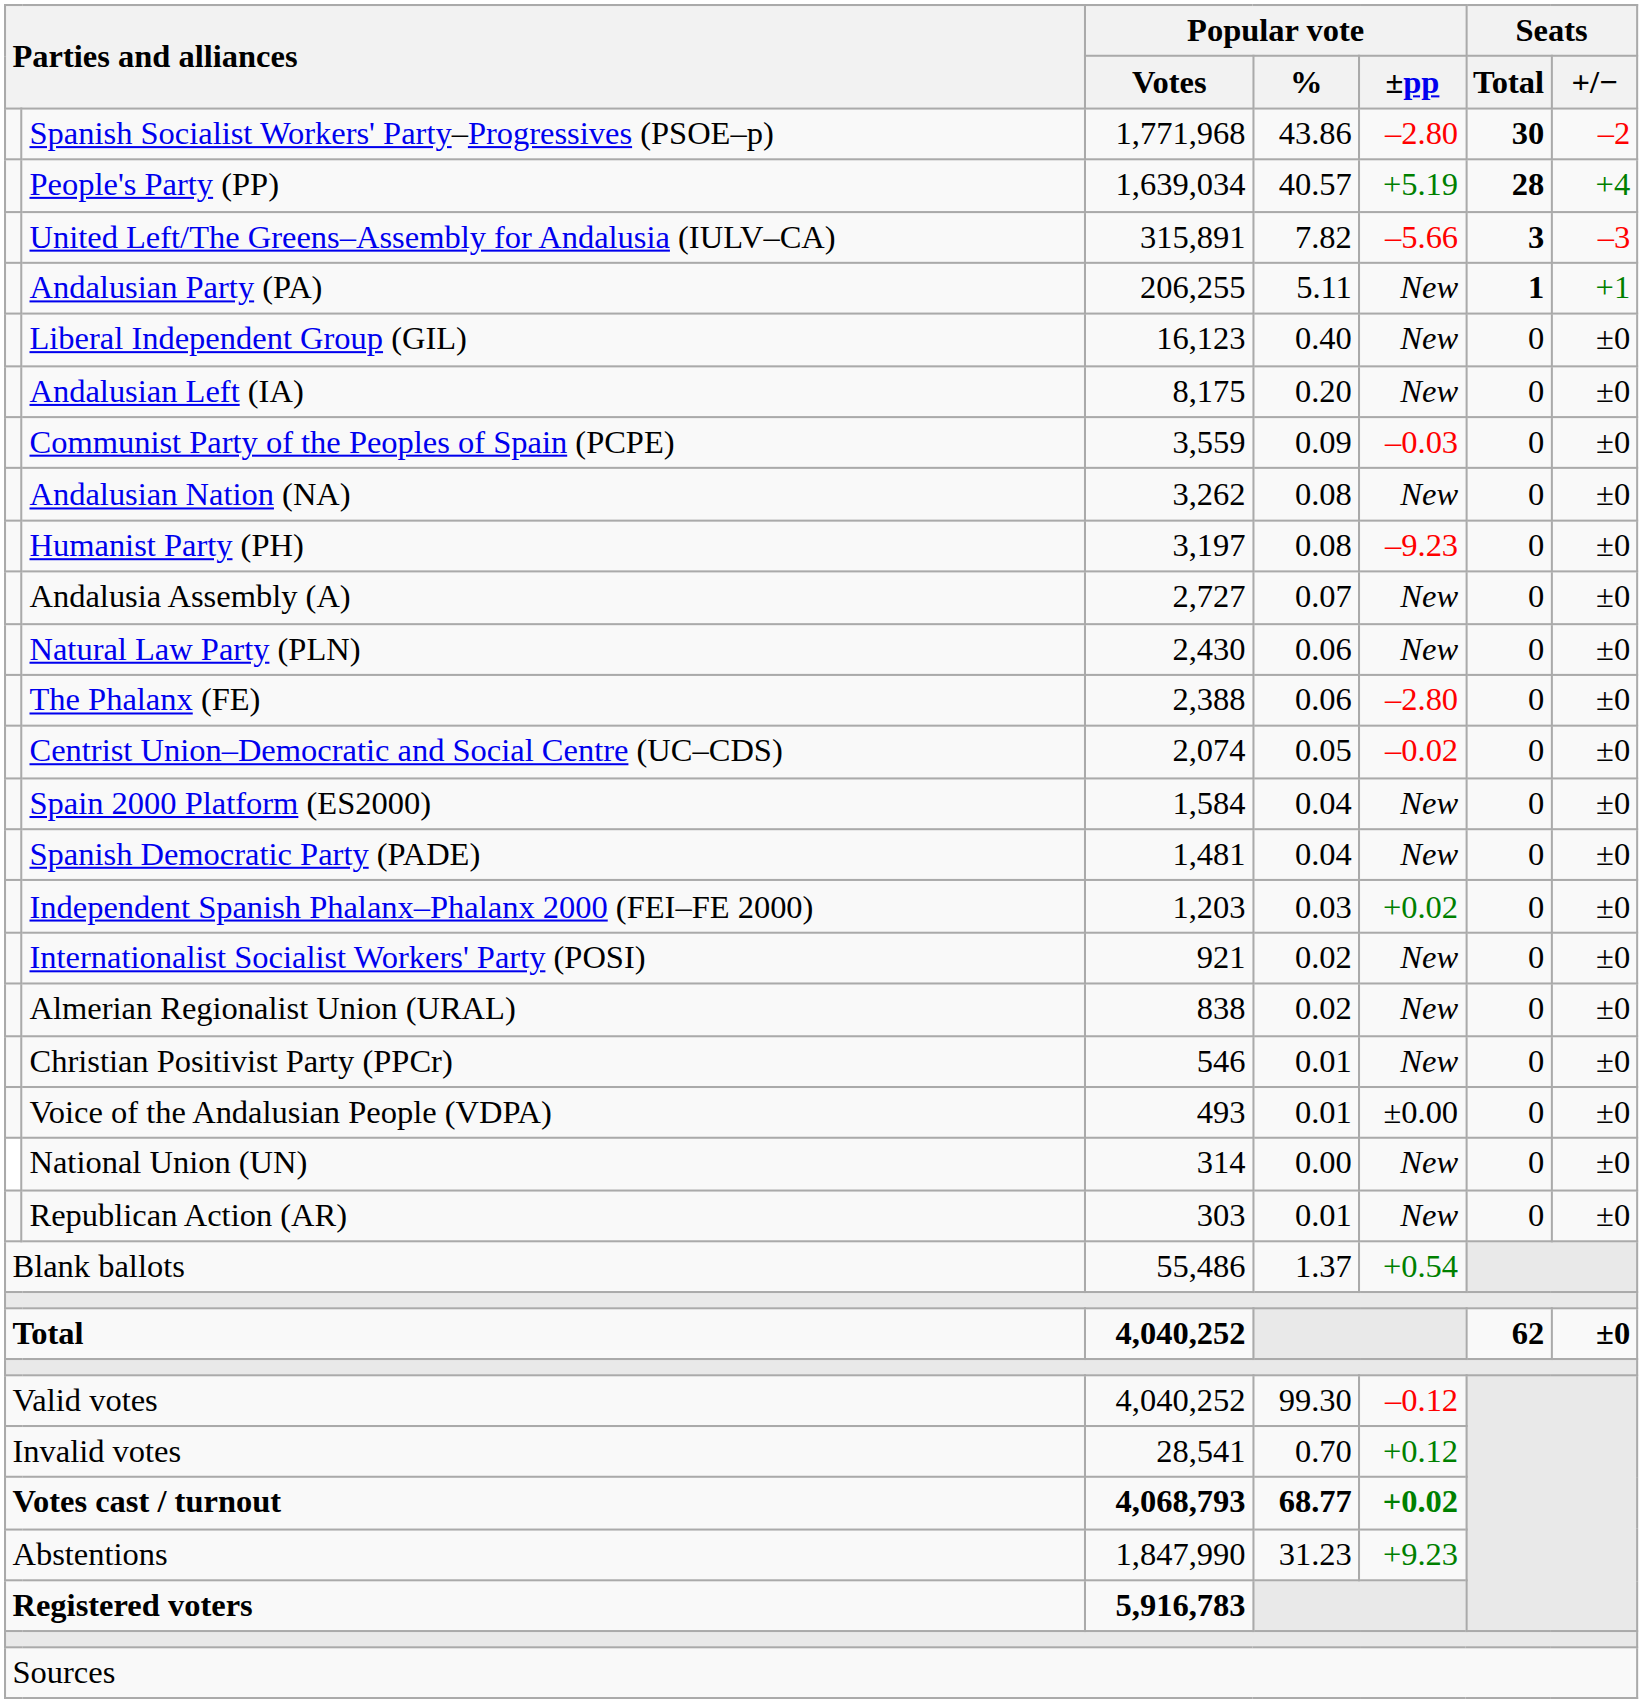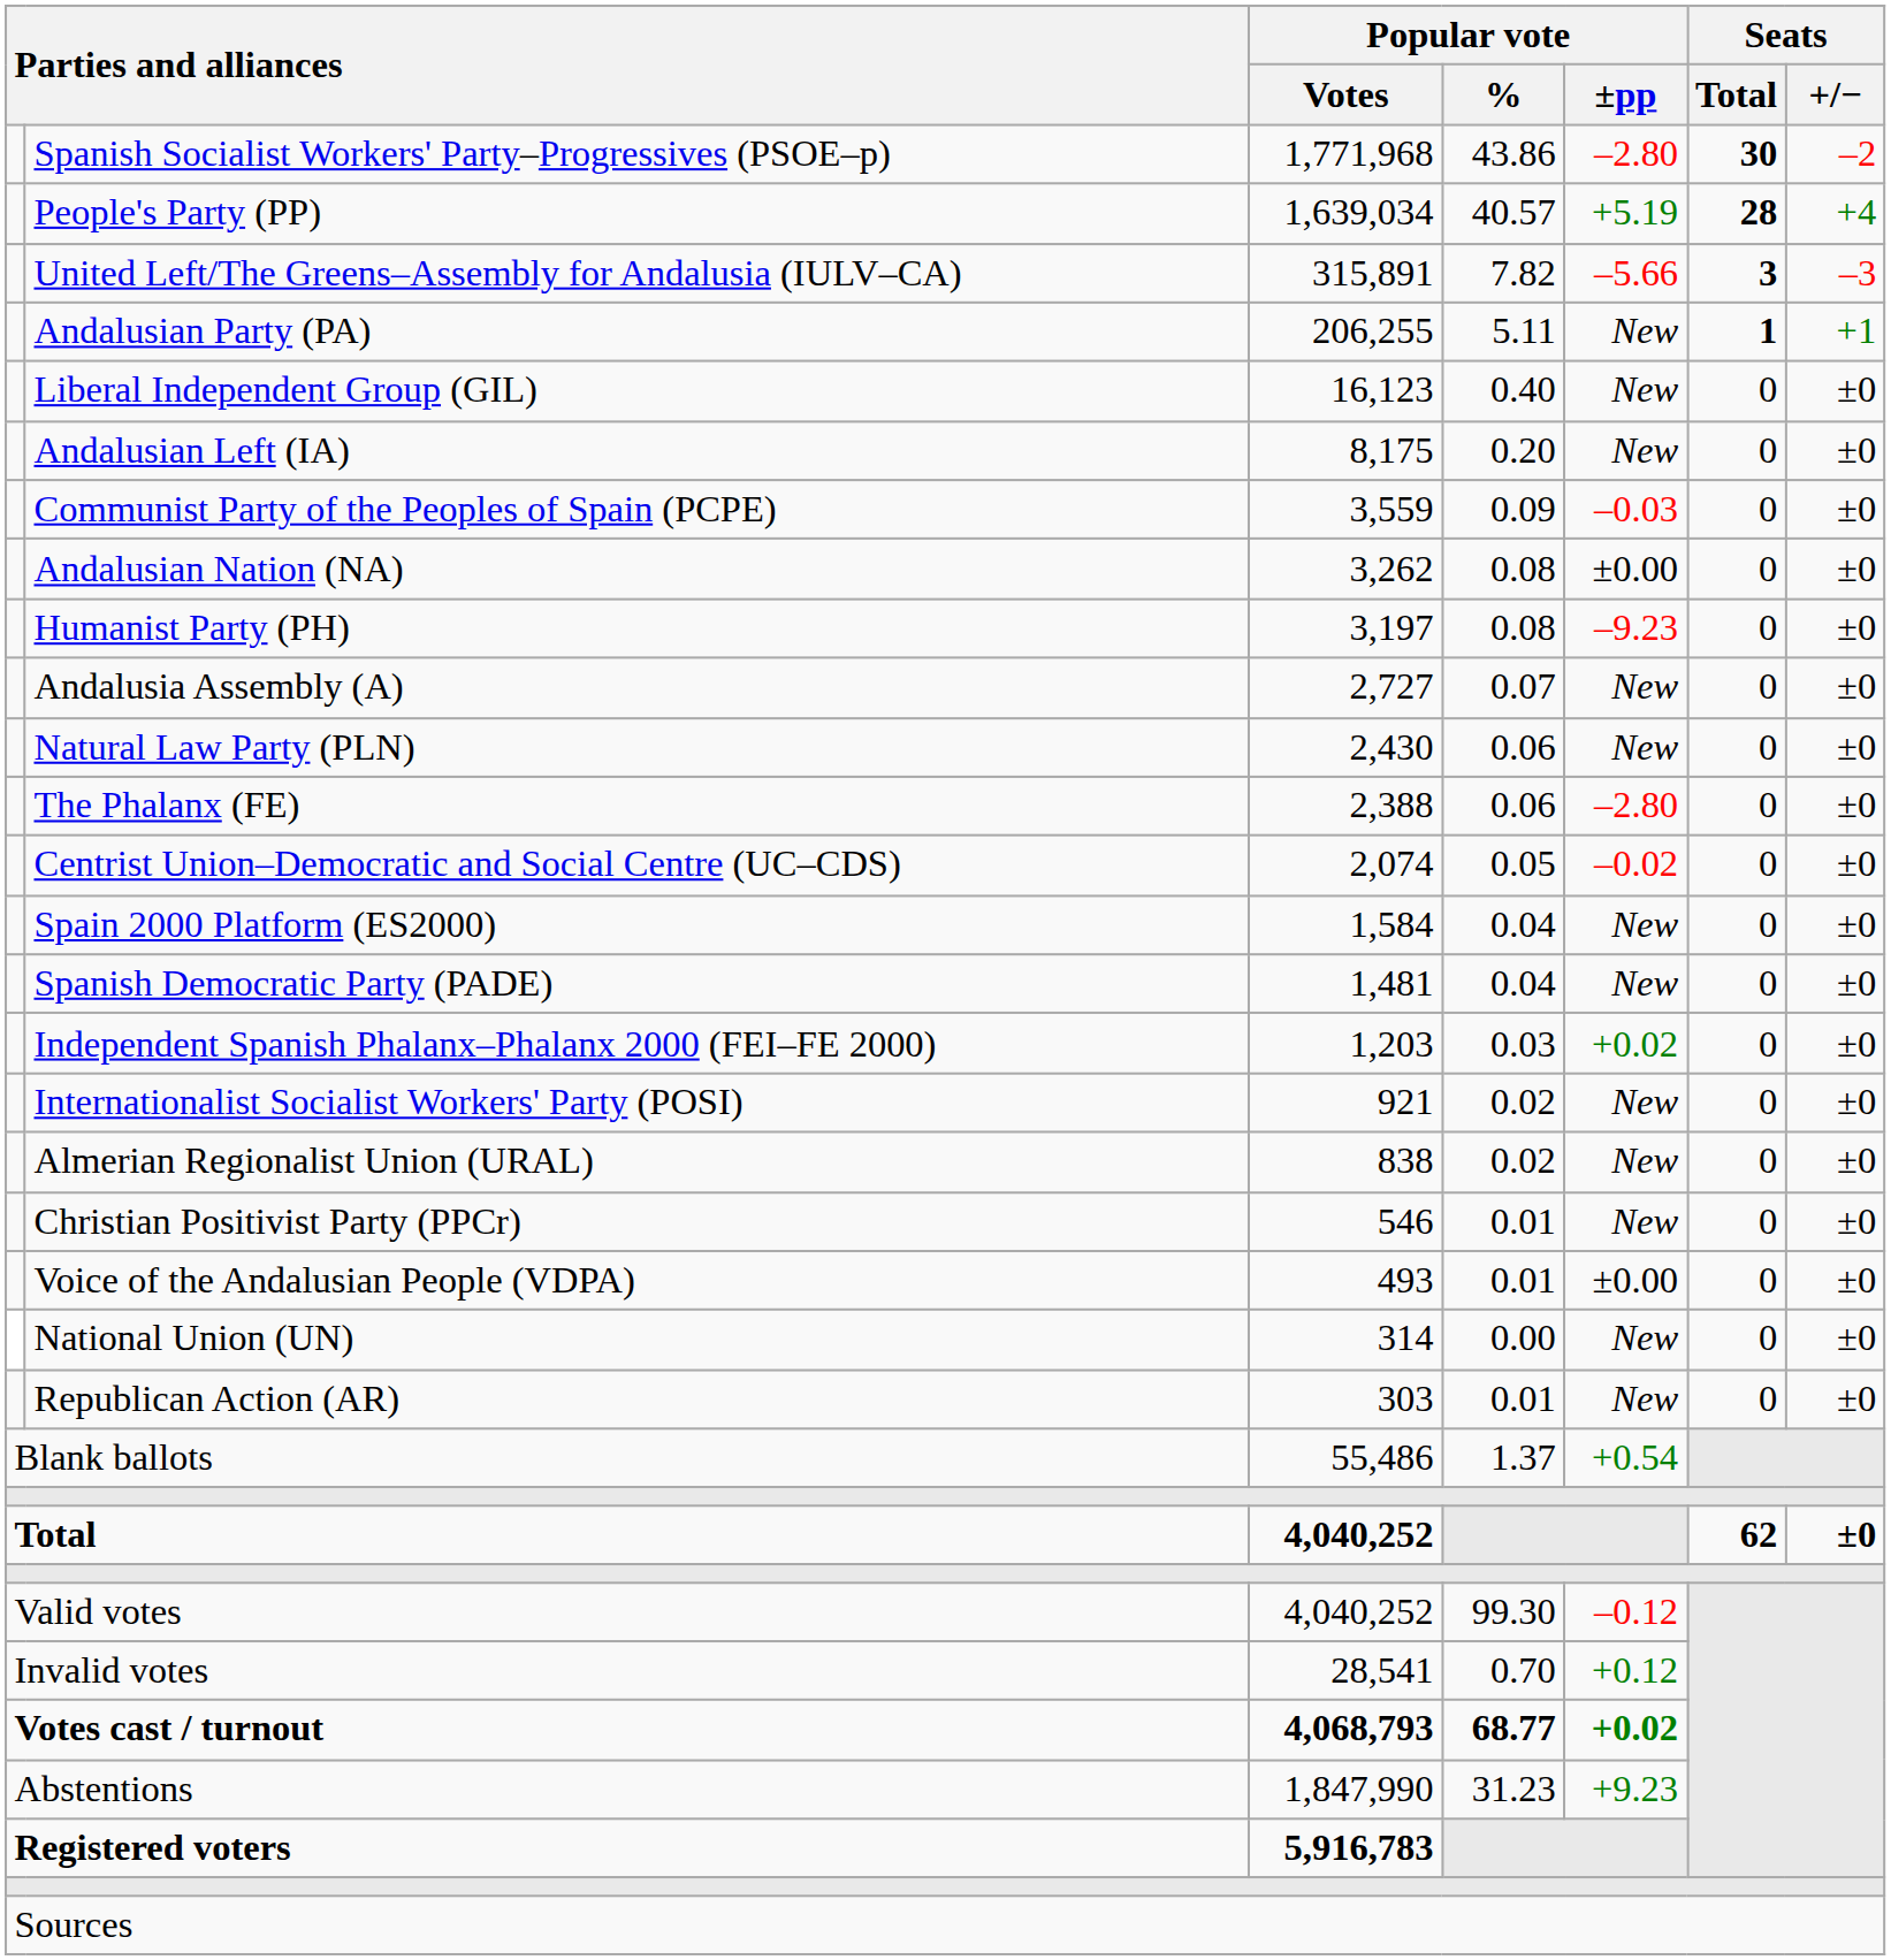 <table class="wikitable" style="text-align:right;">
 <tr>
 <th style="text-align:left;" rowspan="2" colspan="2" width="525">Parties and alliances</th>
 <th colspan="3">Popular vote</th>
 <th colspan="2">Seats</th>
 </tr>
 <tr>
 <th width="75">Votes</th>
 <th width="45">%</th>
 <th width="45">±<a href='#'>pp</a></th>
 <th width="35">Total</th>
 <th width="35">+/−</th>
 </tr>
 <tr>
 <td width="1" style="color:inherit;background:"></td>
 <td align="left"><a href='#'>Spanish Socialist Workers' Party</a>–<a href='#'>Progressives</a> (PSOE–p)</td>
 <td>1,771,968</td>
 <td>43.86</td>
 <td style="color:red;">–2.80</td>
 <td><strong>30</strong></td>
 <td style="color:red;">–2</td>
 </tr>
 <tr>
 <td style="color:inherit;background:"></td>
 <td align="left"><a href='#'>People's Party</a> (PP)</td>
 <td>1,639,034</td>
 <td>40.57</td>
 <td style="color:green;">+5.19</td>
 <td><strong>28</strong></td>
 <td style="color:green;">+4</td>
 </tr>
 <tr>
 <td style="color:inherit;background:"></td>
 <td align="left"><a href='#'>United Left/The Greens–Assembly for Andalusia</a> (IULV–CA)</td>
 <td>315,891</td>
 <td>7.82</td>
 <td style="color:red;">–5.66</td>
 <td><strong>3</strong></td>
 <td style="color:red;">–3</td>
 </tr>
 <tr>
 <td style="color:inherit;background:"></td>
 <td align="left"><a href='#'>Andalusian Party</a> (PA)</td>
 <td>206,255</td>
 <td>5.11</td>
 <td><em>New</em></td>
 <td><strong>1</strong></td>
 <td style="color:green;">+1</td>
 </tr>
 <tr>
 <td style="color:inherit;background:"></td>
 <td align="left"><a href='#'>Liberal Independent Group</a> (GIL)</td>
 <td>16,123</td>
 <td>0.40</td>
 <td><em>New</em></td>
 <td>0</td>
 <td>±0</td>
 </tr>
 <tr>
 <td style="color:inherit;background:"></td>
 <td align="left"><a href='#'>Andalusian Left</a> (IA)</td>
 <td>8,175</td>
 <td>0.20</td>
 <td><em>New</em></td>
 <td>0</td>
 <td>±0</td>
 </tr>
 <tr>
 <td style="color:inherit;background:"></td>
 <td align="left"><a href='#'>Communist Party of the Peoples of Spain</a> (PCPE)</td>
 <td>3,559</td>
 <td>0.09</td>
 <td style="color:red;">–0.03</td>
 <td>0</td>
 <td>±0</td>
 </tr>
 <tr>
 <td style="color:inherit;background:"></td>
 <td align="left"><a href='#'>Andalusian Nation</a> (NA)</td>
 <td>3,262</td>
 <td>0.08</td>
-<td><em>New</em></td>
+<td>±0.00</td>
 <td>0</td>
 <td>±0</td>
 </tr>
 <tr>
 <td style="color:inherit;background:"></td>
 <td align="left"><a href='#'>Humanist Party</a> (PH)</td>
 <td>3,197</td>
 <td>0.08</td>
 <td style="color:red;">–9.23</td>
 <td>0</td>
 <td>±0</td>
 </tr>
 <tr>
 <td style="color:inherit;background:"></td>
 <td align="left">Andalusia Assembly (A)</td>
 <td>2,727</td>
 <td>0.07</td>
 <td><em>New</em></td>
 <td>0</td>
 <td>±0</td>
 </tr>
 <tr>
 <td style="color:inherit;background:"></td>
 <td align="left"><a href='#'>Natural Law Party</a> (PLN)</td>
 <td>2,430</td>
 <td>0.06</td>
 <td><em>New</em></td>
 <td>0</td>
 <td>±0</td>
 </tr>
 <tr>
 <td style="color:inherit;background:"></td>
 <td align="left"><a href='#'>The Phalanx</a> (FE)</td>
 <td>2,388</td>
 <td>0.06</td>
 <td style="color:red;">–2.80</td>
 <td>0</td>
 <td>±0</td>
 </tr>
 <tr>
 <td style="color:inherit;background:"></td>
 <td align="left"><a href='#'>Centrist Union–Democratic and Social Centre</a> (UC–CDS)</td>
 <td>2,074</td>
 <td>0.05</td>
 <td style="color:red;">–0.02</td>
 <td>0</td>
 <td>±0</td>
 </tr>
 <tr>
 <td style="color:inherit;background:"></td>
 <td align="left"><a href='#'>Spain 2000 Platform</a> (ES2000)</td>
 <td>1,584</td>
 <td>0.04</td>
 <td><em>New</em></td>
 <td>0</td>
 <td>±0</td>
 </tr>
 <tr>
 <td style="color:inherit;background:"></td>
 <td align="left"><a href='#'>Spanish Democratic Party</a> (PADE)</td>
 <td>1,481</td>
 <td>0.04</td>
 <td><em>New</em></td>
 <td>0</td>
 <td>±0</td>
 </tr>
 <tr>
 <td style="color:inherit;background:"></td>
 <td align="left"><a href='#'>Independent Spanish Phalanx–Phalanx 2000</a> (FEI–FE 2000)</td>
 <td>1,203</td>
 <td>0.03</td>
 <td style="color:green;">+0.02</td>
 <td>0</td>
 <td>±0</td>
 </tr>
 <tr>
 <td style="color:inherit;background:"></td>
 <td align="left"><a href='#'>Internationalist Socialist Workers' Party</a> (POSI)</td>
 <td>921</td>
 <td>0.02</td>
 <td><em>New</em></td>
 <td>0</td>
 <td>±0</td>
 </tr>
 <tr>
 <td style="color:inherit;background:"></td>
 <td align="left">Almerian Regionalist Union (URAL)</td>
 <td>838</td>
 <td>0.02</td>
 <td><em>New</em></td>
 <td>0</td>
 <td>±0</td>
 </tr>
 <tr>
 <td style="color:inherit;background:"></td>
 <td align="left">Christian Positivist Party (PPCr)</td>
 <td>546</td>
 <td>0.01</td>
 <td><em>New</em></td>
 <td>0</td>
 <td>±0</td>
 </tr>
 <tr>
 <td style="color:inherit;background:"></td>
 <td align="left">Voice of the Andalusian People (VDPA)</td>
 <td>493</td>
 <td>0.01</td>
 <td>±0.00</td>
 <td>0</td>
 <td>±0</td>
 </tr>
 <tr>
 <td bgcolor="white"></td>
 <td align="left">National Union (UN)</td>
 <td>314</td>
 <td>0.00</td>
 <td><em>New</em></td>
 <td>0</td>
 <td>±0</td>
 </tr>
 <tr>
 <td style="color:inherit;background:"></td>
 <td align="left">Republican Action (AR)</td>
 <td>303</td>
 <td>0.01</td>
 <td><em>New</em></td>
 <td>0</td>
 <td>±0</td>
 </tr>
 <tr>
 <td align="left" colspan="2">Blank ballots</td>
 <td>55,486</td>
 <td>1.37</td>
 <td style="color:green;">+0.54</td>
 <td bgcolor="#E9E9E9" colspan="2"></td>
 </tr>
 <tr>
 <td colspan="7" bgcolor="#E9E9E9"></td>
 </tr>
 <tr style="font-weight:bold;">
 <td align="left" colspan="2">Total</td>
 <td>4,040,252</td>
 <td bgcolor="#E9E9E9" colspan="2"></td>
 <td>62</td>
 <td>±0</td>
 </tr>
 <tr>
 <td colspan="7" bgcolor="#E9E9E9"></td>
 </tr>
 <tr>
 <td align="left" colspan="2">Valid votes</td>
 <td>4,040,252</td>
 <td>99.30</td>
 <td style="color:red;">–0.12</td>
 <td bgcolor="#E9E9E9" colspan="2" rowspan="5"></td>
 </tr>
 <tr>
 <td align="left" colspan="2">Invalid votes</td>
 <td>28,541</td>
 <td>0.70</td>
 <td style="color:green;">+0.12</td>
 </tr>
 <tr style="font-weight:bold;">
 <td align="left" colspan="2">Votes cast / turnout</td>
 <td>4,068,793</td>
 <td>68.77</td>
 <td style="color:green;">+0.02</td>
 </tr>
 <tr>
 <td align="left" colspan="2">Abstentions</td>
 <td>1,847,990</td>
 <td>31.23</td>
 <td style="color:green;">+9.23</td>
 </tr>
 <tr style="font-weight:bold;">
 <td align="left" colspan="2">Registered voters</td>
 <td>5,916,783</td>
 <td bgcolor="#E9E9E9" colspan="2"></td>
 </tr>
 <tr>
 <td colspan="7" bgcolor="#E9E9E9"></td>
 </tr>
 <tr>
 <td align="left" colspan="7">Sources</td>
 </tr>
 </table>
